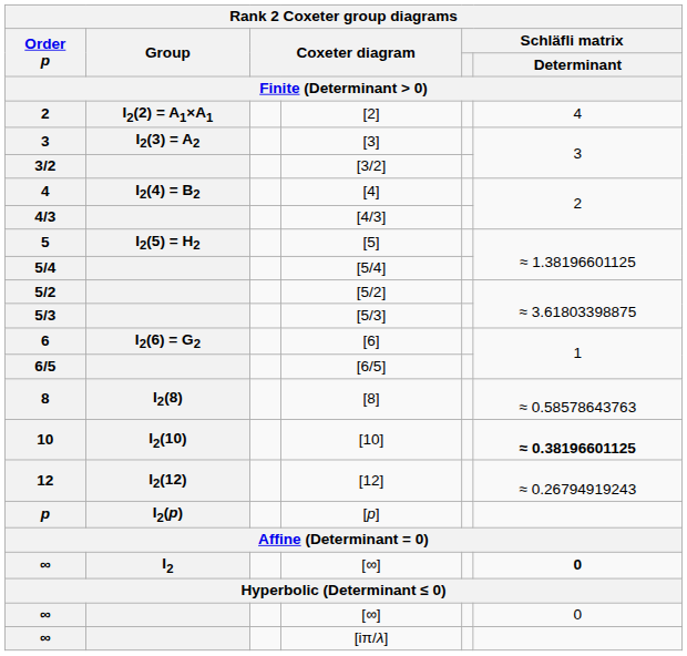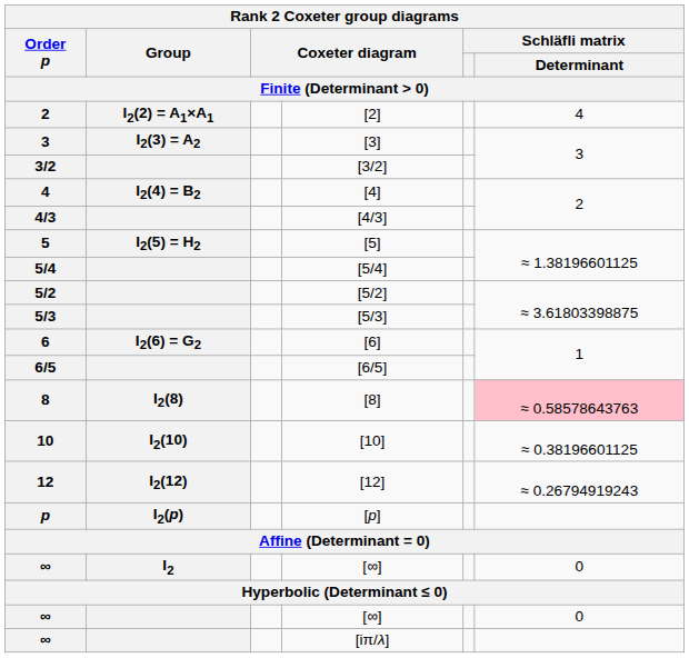 <table class="wikitable collapsible collapsed" style="width:720px;">
 <tr>
 <th colspan=8>Rank 2 Coxeter group diagrams</th>
 </tr>
 <tr>
 <th rowspan=2><a href='#'>Order</a><br><em>p</em></th>
 <th rowspan=2>Group</th>
 <th rowspan=2 colspan=2>Coxeter diagram</th>
 <th colspan=2>Schläfli matrix</th>
 </tr>
 <tr>
 <th></th>
 <th>Determinant<br></th>
 </tr>
 <tr align=center>
 <th colspan=7><a href='#'>Finite</a> (Determinant > 0)</th>
 </tr>
 <tr align=center>
 <th>2</th>
 <th>I<sub>2</sub>(2) = A<sub>1</sub>×A<sub>1</sub></th>
 <td></td>
 <td>[2]</td>
 <td></td>
 <td>4</td>
 </tr>
 <tr align=center>
 <th>3</th>
 <th>I<sub>2</sub>(3) = A<sub>2</sub></th>
 <td></td>
 <td>[3]</td>
 <td></td>
 <td rowspan=2>3</td>
 </tr>
 <tr align=center>
 <th>3/2</th>
 <th></th>
 <td></td>
 <td>[3/2]</td>
 <td></td>
 </tr>
 <tr align=center>
 <th>4</th>
 <th>I<sub>2</sub>(4) = B<sub>2</sub></th>
 <td></td>
 <td>[4]</td>
 <td></td>
 <td rowspan=2>2</td>
 </tr>
 <tr align=center>
 <th>4/3</th>
 <th></th>
 <td></td>
 <td>[4/3]</td>
 <td></td>
 </tr>
 <tr align=center>
 <th>5</th>
 <th>I<sub>2</sub>(5) = H<sub>2</sub></th>
 <td></td>
 <td>[5]</td>
 <td></td>
 <td rowspan=2><br>≈ 1.38196601125</td>
 </tr>
 <tr align=center>
 <th>5/4</th>
 <th></th>
 <td></td>
 <td>[5/4]</td>
 <td></td>
 </tr>
 <tr align=center>
 <th>5/2</th>
 <th></th>
 <td></td>
 <td>[5/2]</td>
 <td></td>
 <td rowspan=2><br>≈ 3.61803398875</td>
 </tr>
 <tr align=center>
 <th>5/3</th>
 <th></th>
 <td></td>
 <td>[5/3]</td>
 <td></td>
 </tr>
 <tr align=center>
 <th>6</th>
 <th>I<sub>2</sub>(6) = G<sub>2</sub></th>
 <td></td>
 <td>[6]</td>
 <td></td>
 <td rowspan=2>1</td>
 </tr>
 <tr align=center>
 <th>6/5</th>
 <th></th>
 <td></td>
 <td>[6/5]</td>
 <td></td>
 </tr>
 <tr align=center>
 <th>8</th>
 <th>I<sub>2</sub>(8)</th>
 <td></td>
 <td>[8]</td>
 <td></td>
-<td><br>≈ 0.58578643763</td>
+<td style="background: pink;"><br>≈ 0.58578643763</td>
 </tr>
 <tr align=center>
 <th>10</th>
 <th>I<sub>2</sub>(10)</th>
 <td></td>
 <td>[10]</td>
 <td></td>
-<td><strong><br>≈ 0.38196601125</strong></td>
+<td><br>≈ 0.38196601125</td>
 </tr>
 <tr align=center>
 <th>12</th>
 <th>I<sub>2</sub>(12)</th>
 <td></td>
 <td>[12]</td>
 <td></td>
 <td><br>≈ 0.26794919243</td>
 </tr>
 <tr align=center>
 <th><em>p</em></th>
 <th>I<sub>2</sub>(<em>p</em>)</th>
 <td></td>
 <td>[<em>p</em>]</td>
 <td></td>
 <td></td>
 </tr>
 <tr align=center>
 <th colspan=6><a href='#'>Affine</a> (Determinant = 0)</th>
 </tr>
 <tr align=center>
 <th>∞</th>
 <th>I<sub>2</sub></th>
 <td></td>
 <td>[∞]</td>
 <td></td>
-<td><strong>0</strong></td>
+<td>0</td>
 </tr>
 <tr align=center>
 <th colspan=6>Hyperbolic (Determinant ≤ 0)</th>
 </tr>
 <tr align=center>
 <th>∞</th>
 <th></th>
 <td></td>
 <td>[∞]</td>
 <td></td>
 <td>0</td>
 </tr>
 <tr align=center>
 <th>∞</th>
 <th></th>
 <td></td>
 <td>[iπ/<em>λ</em>]</td>
 <td></td>
 <td></td>
 </tr>
 </table>
